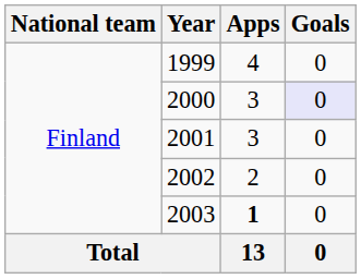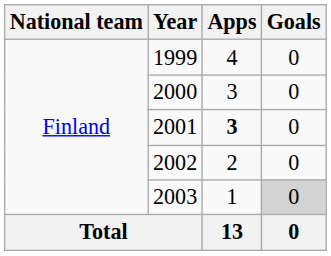 <table class=wikitable style="text-align: center">
 <tr>
 <th>National team</th>
 <th>Year</th>
 <th>Apps</th>
 <th>Goals</th>
 </tr>
 <tr>
 <td rowspan=5><a href='#'>Finland</a></td>
 <td>1999</td>
 <td>4</td>
 <td>0</td>
 </tr>
 <tr>
 <td>2000</td>
 <td>3</td>
-<td style="background: lavender;">0</td>
+<td>0</td>
 </tr>
 <tr>
 <td>2001</td>
-<td>3</td>
+<td><strong>3</strong></td>
 <td>0</td>
 </tr>
 <tr>
 <td>2002</td>
 <td>2</td>
 <td>0</td>
 </tr>
 <tr>
 <td>2003</td>
-<td><strong>1</strong></td>
-<td>0</td>
+<td>1</td>
+<td style="background: lightgrey;">0</td>
 </tr>
 <tr>
 <th colspan=2>Total</th>
 <th>13</th>
 <th>0</th>
 </tr>
 </table>
